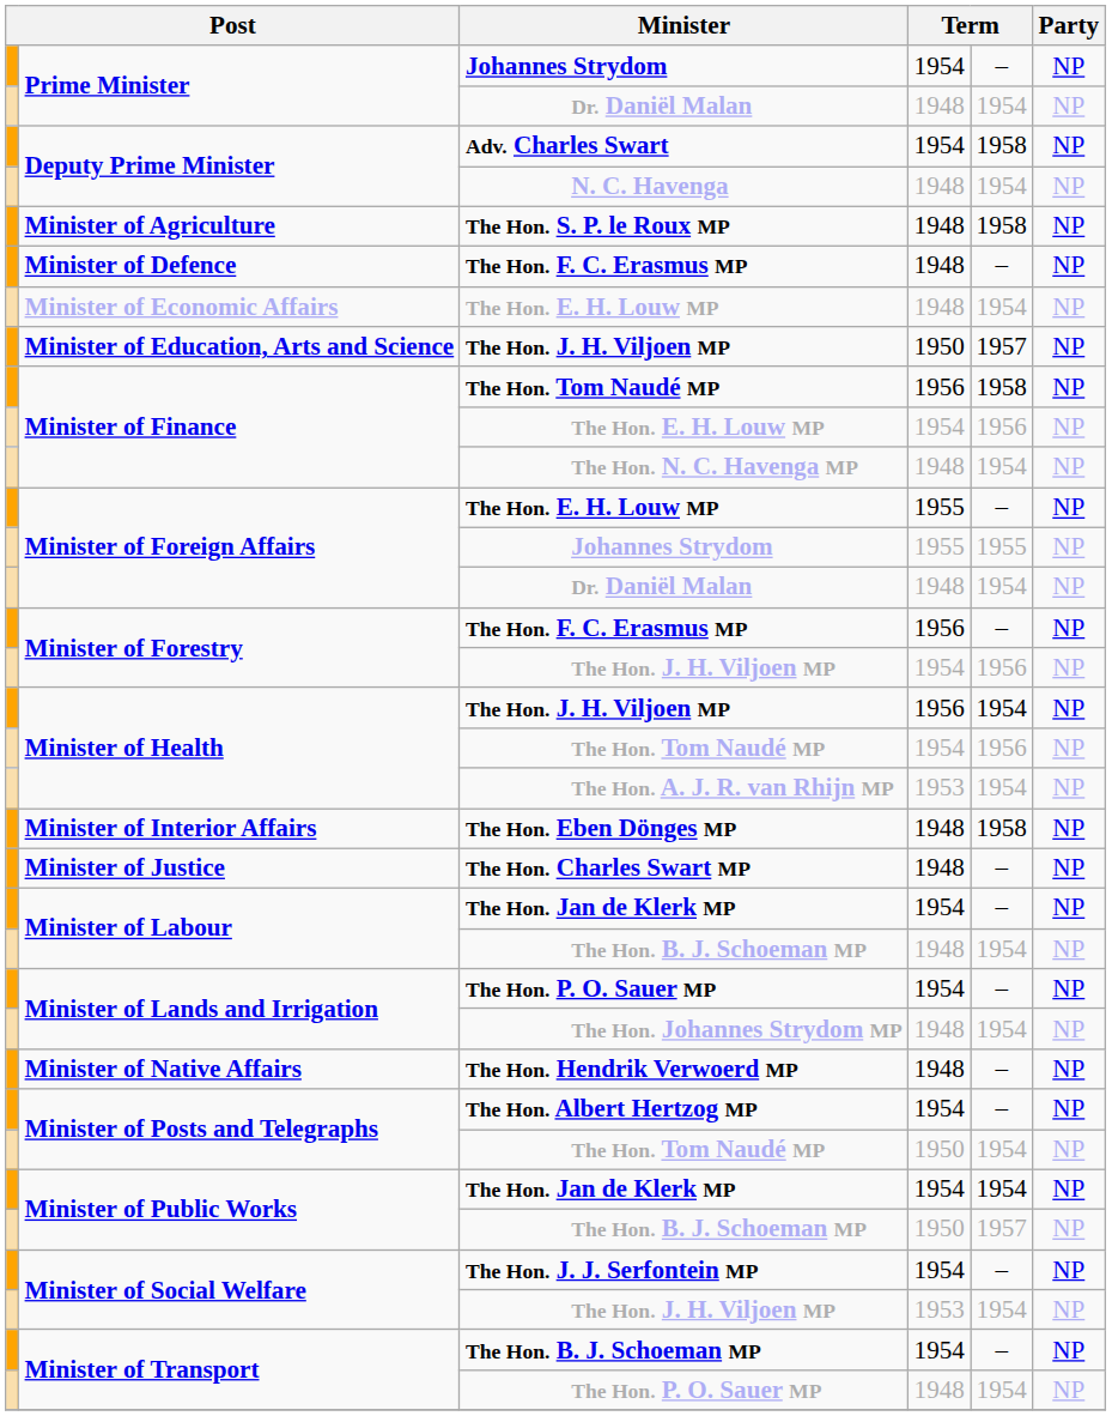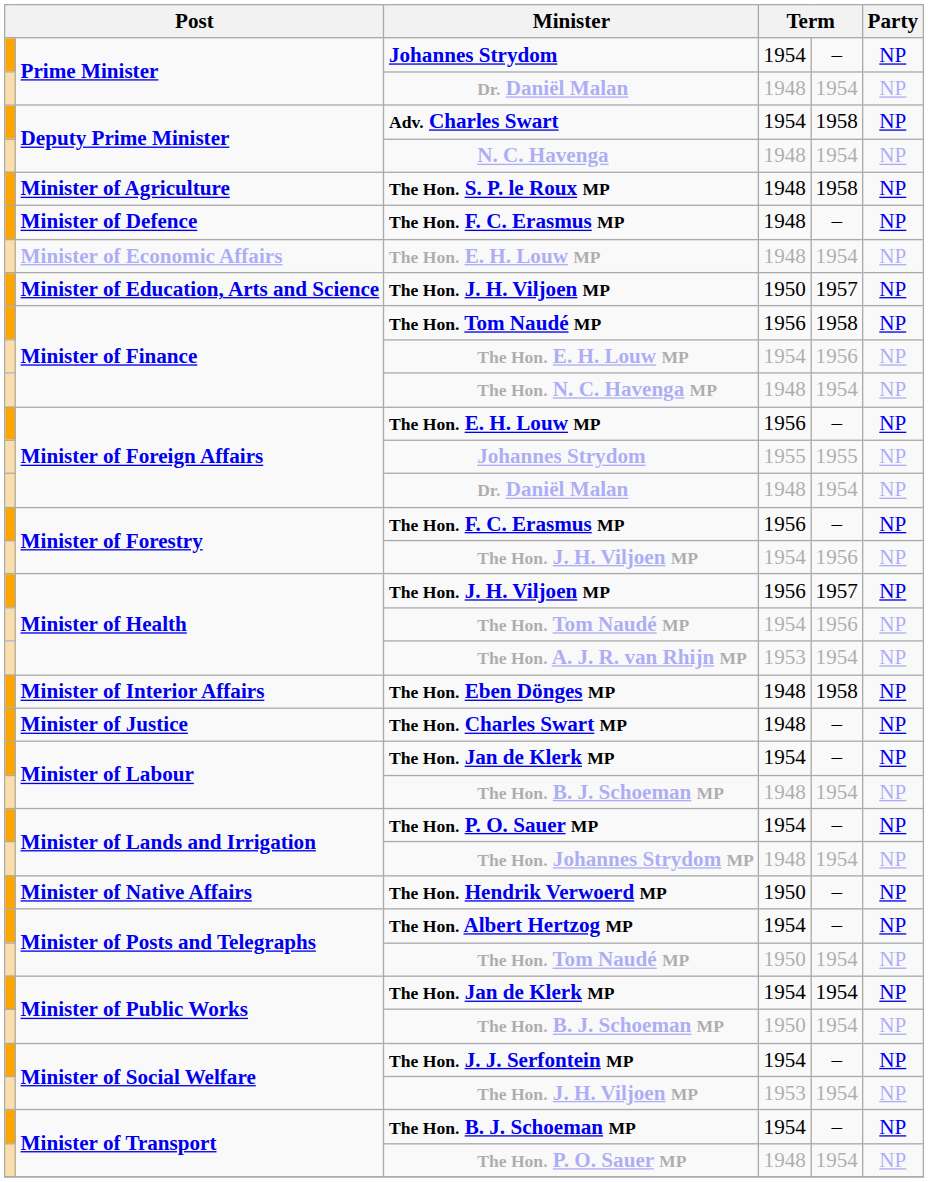 <table class="wikitable">
 <tr>
 <th colspan=2>Post</th>
 <th>Minister</th>
 <th colspan=2>Term</th>
 <th>Party</th>
 </tr>
 <tr>
 <td style="width:1px;; background: Orange;"></td>
 <td rowspan=2><strong><a href='#'>Prime Minister</a></strong></td>
 <td> <strong><a href='#'>Johannes Strydom</a></strong></td>
 <td>1954</td>
 <td align="center">–</td>
 <td align="center"><a href='#'>NP</a></td>
 </tr>
 <tr style="opacity:.3;">
 <td style="width:1px; background:Orange;"></td>
 <td style="padding-left:70px"><strong><small>Dr.</small> <a href='#'>Daniël Malan</a></strong></td>
 <td>1948</td>
 <td>1954</td>
 <td align="center"><a href='#'>NP</a></td>
 </tr>
 <tr>
 <td style="width:1px;; background: Orange;"></td>
 <td rowspan=2><strong><a href='#'>Deputy Prime Minister</a></strong></td>
 <td> <strong><small>Adv.</small> <a href='#'>Charles Swart</a> </strong></td>
 <td>1954</td>
 <td>1958</td>
 <td align="center"><a href='#'>NP</a></td>
 </tr>
 <tr style="opacity:.3;">
 <td style="width:1px;; background: Orange;"></td>
 <td style="padding-left:70px"><strong><a href='#'>N. C. Havenga</a></strong></td>
 <td>1948</td>
 <td>1954</td>
 <td align="center"><a href='#'>NP</a></td>
 </tr>
 <tr>
 <td style="width:1px;; background: Orange;"></td>
 <td><strong><a href='#'>Minister of Agriculture</a></strong></td>
 <td> <strong><small>The Hon.</small> <a href='#'>S. P. le Roux</a> <small>MP</small></strong></td>
 <td>1948</td>
 <td>1958</td>
 <td align="center"><a href='#'>NP</a></td>
 </tr>
 <tr>
 <td style="width:1px;; background: Orange;"></td>
 <td><strong><a href='#'>Minister of Defence</a></strong></td>
 <td> <strong><small>The Hon.</small> <a href='#'>F. C. Erasmus</a> <small>MP</small></strong></td>
 <td>1948</td>
 <td align="center">–</td>
 <td align="center"><a href='#'>NP</a></td>
 </tr>
 <tr style="opacity:.3;">
 <td style="width:1px;; background: Orange;"></td>
 <td><strong><a href='#'>Minister of Economic Affairs</a></strong></td>
 <td> <strong><small>The Hon.</small> <a href='#'>E. H. Louw</a> <small>MP</small></strong></td>
 <td>1948</td>
 <td>1954</td>
 <td align="center"><a href='#'>NP</a></td>
 </tr>
 <tr>
 <td style="width:1px;; background: Orange;"></td>
 <td><strong><a href='#'>Minister of Education, Arts and Science</a></strong></td>
 <td> <strong><small>The Hon.</small> <a href='#'>J. H. Viljoen</a> <small>MP</small></strong></td>
 <td>1950</td>
 <td>1957</td>
 <td align="center"><a href='#'>NP</a></td>
 </tr>
 <tr>
 <td style="width:1px;; background: Orange;"></td>
 <td rowspan=3><strong><a href='#'>Minister of Finance</a></strong></td>
 <td> <strong><small>The Hon.</small> <a href='#'>Tom Naudé</a> <small>MP</small></strong></td>
 <td>1956</td>
 <td>1958</td>
 <td align="center"><a href='#'>NP</a></td>
 </tr>
 <tr style="opacity:.3;">
 <td style="width:1px; background:Orange;"></td>
 <td style="padding-left:70px"><strong><small>The Hon.</small> <a href='#'>E. H. Louw</a> <small>MP</small></strong></td>
 <td>1954</td>
 <td>1956</td>
 <td align="center"><a href='#'>NP</a></td>
 </tr>
 <tr style="opacity:.3;">
 <td style="width:1px; background:Orange;"></td>
 <td style="padding-left:70px"><strong><small>The Hon.</small> <a href='#'>N. C. Havenga</a> <small>MP</small></strong></td>
 <td>1948</td>
 <td>1954</td>
 <td align="center"><a href='#'>NP</a></td>
 </tr>
 <tr>
 <td style="width:1px;; background: Orange;"></td>
 <td rowspan=3><strong><a href='#'>Minister of Foreign Affairs</a></strong></td>
 <td> <strong><small>The Hon.</small> <a href='#'>E. H. Louw</a> <small>MP</small></strong></td>
-<td>1955</td>
+<td>1956</td>
 <td align="center">–</td>
 <td align="center"><a href='#'>NP</a></td>
 </tr>
 <tr style="opacity:.3;">
 <td style="width:1px; background:Orange;"></td>
 <td style="padding-left:70px"><strong><a href='#'>Johannes Strydom</a></strong></td>
 <td>1955</td>
 <td>1955</td>
 <td align="center"><a href='#'>NP</a></td>
 </tr>
 <tr style="opacity:.3;">
 <td style="width:1px; background:Orange;"></td>
 <td style="padding-left:70px"><strong><small>Dr.</small> <a href='#'>Daniël Malan</a></strong></td>
 <td>1948</td>
 <td>1954</td>
 <td align="center"><a href='#'>NP</a></td>
 </tr>
 <tr>
 <td style="width:1px;; background: Orange;"></td>
 <td rowspan=2><strong><a href='#'>Minister of Forestry</a></strong></td>
 <td> <strong><small>The Hon.</small> <a href='#'>F. C. Erasmus</a> <small>MP</small></strong></td>
 <td>1956</td>
 <td align="center">–</td>
 <td align="center"><a href='#'>NP</a></td>
 </tr>
 <tr style="opacity:.3;">
 <td style="width:1px; background:Orange;"></td>
 <td style="padding-left:70px"><strong><small>The Hon.</small> <a href='#'>J. H. Viljoen</a> <small>MP</small></strong></td>
 <td>1954</td>
 <td>1956</td>
 <td align="center"><a href='#'>NP</a></td>
 </tr>
 <tr>
 <td style="width:1px;; background:Orange"></td>
 <td rowspan=3><strong><a href='#'>Minister of Health</a></strong></td>
 <td> <strong><small>The Hon.</small> <a href='#'>J. H. Viljoen</a> <small>MP</small></strong></td>
 <td>1956</td>
-<td>1954</td>
+<td>1957</td>
 <td align="center"><a href='#'>NP</a></td>
 </tr>
 <tr style="opacity:.3;">
 <td style="width:1px; background:Orange;"></td>
 <td style="padding-left:70px"><strong><small>The Hon.</small> <a href='#'>Tom Naudé</a> <small>MP</small></strong></td>
 <td>1954</td>
 <td>1956</td>
 <td align="center"><a href='#'>NP</a></td>
 </tr>
 <tr style="opacity:.3;">
 <td style="width:1px; background:Orange;"></td>
 <td style="padding-left:70px"><strong><small>The Hon.</small> <a href='#'>A. J. R. van Rhijn</a> <small>MP</small></strong></td>
 <td>1953</td>
 <td>1954</td>
 <td align="center"><a href='#'>NP</a></td>
 </tr>
 <tr>
 <td style="width:1px;; background: Orange;"></td>
 <td><strong><a href='#'>Minister of Interior Affairs</a></strong></td>
 <td> <strong><small>The Hon.</small> <a href='#'>Eben Dönges</a> <small>MP</small></strong></td>
 <td>1948</td>
 <td>1958</td>
 <td align="center"><a href='#'>NP</a></td>
 </tr>
 <tr>
 <td style="width:1px;; background: Orange;"></td>
 <td><strong><a href='#'>Minister of Justice</a></strong></td>
 <td> <strong><small>The Hon.</small> <a href='#'>Charles Swart</a> <small>MP</small></strong></td>
 <td>1948</td>
 <td align="center">–</td>
 <td align="center"><a href='#'>NP</a></td>
 </tr>
 <tr>
 <td style="width:1px;; background: Orange;"></td>
 <td rowspan=2><strong><a href='#'>Minister of Labour</a></strong></td>
 <td> <strong><small>The Hon.</small> <a href='#'>Jan de Klerk</a> <small>MP</small></strong></td>
 <td>1954</td>
 <td align="center">–</td>
 <td align="center"><a href='#'>NP</a></td>
 </tr>
 <tr style="opacity:.3;">
 <td style="width:1px; background:Orange;"></td>
 <td style="padding-left:70px"><strong><small>The Hon.</small> <a href='#'>B. J. Schoeman</a> <small>MP</small></strong></td>
 <td>1948</td>
 <td>1954</td>
 <td align="center"><a href='#'>NP</a></td>
 </tr>
 <tr>
 <td style="width:1px;; background: Orange;"></td>
 <td rowspan=2><strong><a href='#'>Minister of Lands and Irrigation</a></strong></td>
 <td> <strong><small>The Hon.</small> <a href='#'>P. O. Sauer</a> <small>MP</small></strong></td>
 <td>1954</td>
 <td align="center">–</td>
 <td align="center"><a href='#'>NP</a></td>
 </tr>
 <tr style="opacity:.3;">
 <td style="width:1px; background:Orange;"></td>
 <td style="padding-left:70px"><strong><small>The Hon.</small> <a href='#'>Johannes Strydom</a> <small>MP</small></strong></td>
 <td>1948</td>
 <td>1954</td>
 <td align="center"><a href='#'>NP</a></td>
 </tr>
 <tr>
 <td style="width:1px;; background: orange;"></td>
 <td><strong><a href='#'>Minister of Native Affairs</a></strong></td>
 <td> <strong><small>The Hon.</small> <a href='#'>Hendrik Verwoerd</a> <small>MP</small></strong></td>
-<td>1948</td>
+<td>1950</td>
 <td align="center">–</td>
 <td align="center"><a href='#'>NP</a></td>
 </tr>
 <tr>
 <td style="width:1px;; background: Orange;"></td>
 <td rowspan=2><strong><a href='#'>Minister of Posts and Telegraphs</a></strong></td>
 <td> <strong><small>The Hon.</small> <a href='#'>Albert Hertzog</a> <small>MP</small></strong></td>
 <td>1954</td>
 <td align="center">–</td>
 <td align="center"><a href='#'>NP</a></td>
 </tr>
 <tr style="opacity:.3;">
 <td style="width:1px; background:Orange;"></td>
 <td style="padding-left:70px"><strong><small>The Hon.</small> <a href='#'>Tom Naudé</a> <small>MP</small></strong></td>
 <td>1950</td>
 <td>1954</td>
 <td align="center"><a href='#'>NP</a></td>
 </tr>
 <tr>
 <td style="width:1px;; background: Orange;"></td>
 <td rowspan=2><strong><a href='#'>Minister of Public Works</a></strong></td>
 <td> <strong><small>The Hon.</small> <a href='#'>Jan de Klerk</a> <small>MP</small></strong></td>
 <td>1954</td>
 <td>1954</td>
 <td align="center"><a href='#'>NP</a></td>
 </tr>
 <tr style="opacity:.3;">
 <td style="width:1px; background:Orange;"></td>
 <td style="padding-left:70px"><strong><small>The Hon.</small> <a href='#'>B. J. Schoeman</a> <small>MP</small></strong></td>
 <td>1950</td>
-<td>1957</td>
+<td>1954</td>
 <td align="center"><a href='#'>NP</a></td>
 </tr>
 <tr>
 <td style="width:1px;; background: Orange;"></td>
 <td rowspan=2><strong><a href='#'>Minister of Social Welfare</a></strong></td>
 <td> <strong><small>The Hon.</small> <a href='#'>J. J. Serfontein</a> <small>MP</small></strong></td>
 <td>1954</td>
 <td align="center">–</td>
 <td align="center"><a href='#'>NP</a></td>
 </tr>
 <tr style="opacity:.3;">
 <td style="width:1px; background:Orange;"></td>
 <td style="padding-left:70px"><strong><small>The Hon.</small> <a href='#'>J. H. Viljoen</a> <small>MP</small></strong></td>
 <td>1953</td>
 <td>1954</td>
 <td align="center"><a href='#'>NP</a></td>
 </tr>
 <tr>
 <td style="width:1px;; background: Orange;"></td>
 <td rowspan=2><strong><a href='#'>Minister of Transport</a></strong></td>
 <td> <strong><small>The Hon.</small> <a href='#'>B. J. Schoeman</a> <small>MP</small></strong></td>
 <td>1954</td>
 <td align="center">–</td>
 <td align="center"><a href='#'>NP</a></td>
 </tr>
 <tr style="opacity:.3;">
 <td style="width:1px; background:Orange;"></td>
 <td style="padding-left:70px"><strong><small>The Hon.</small> <a href='#'>P. O. Sauer</a> <small>MP</small></strong></td>
 <td>1948</td>
 <td>1954</td>
 <td align="center"><a href='#'>NP</a></td>
 </tr>
 <tr>
 </tr>
 </table>
